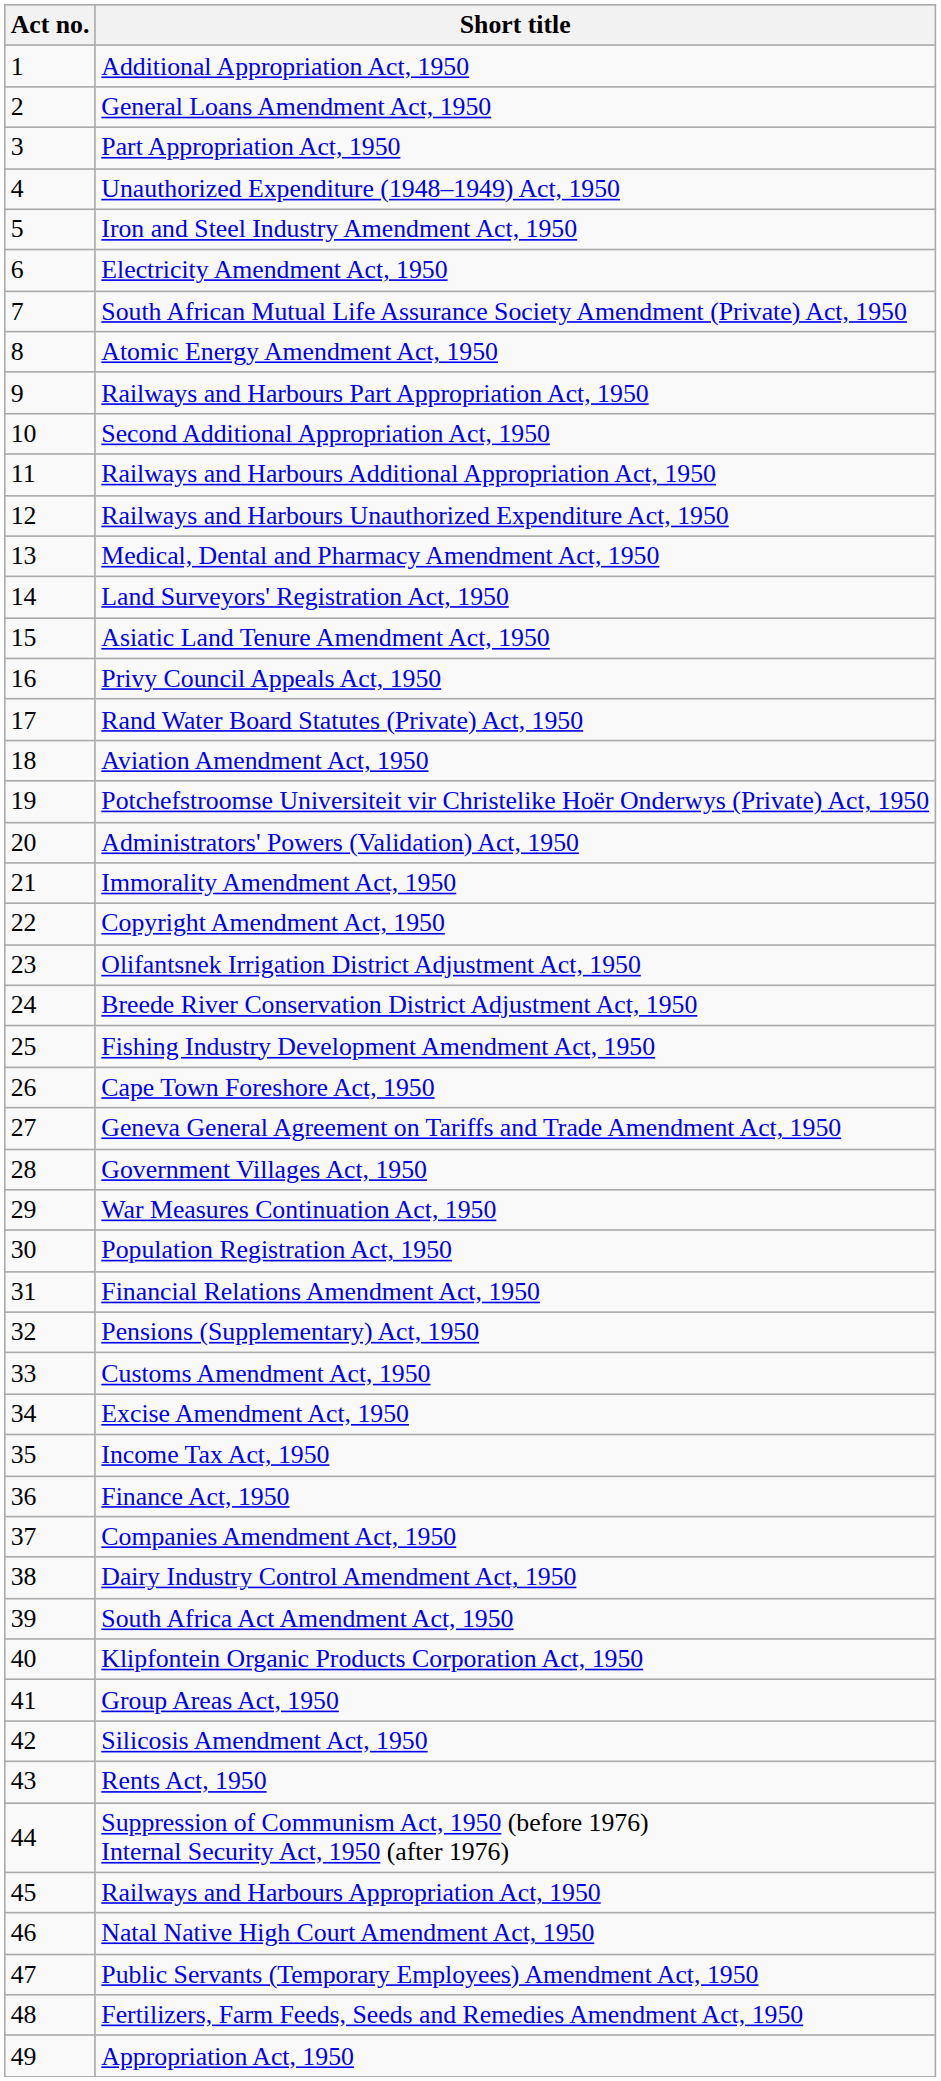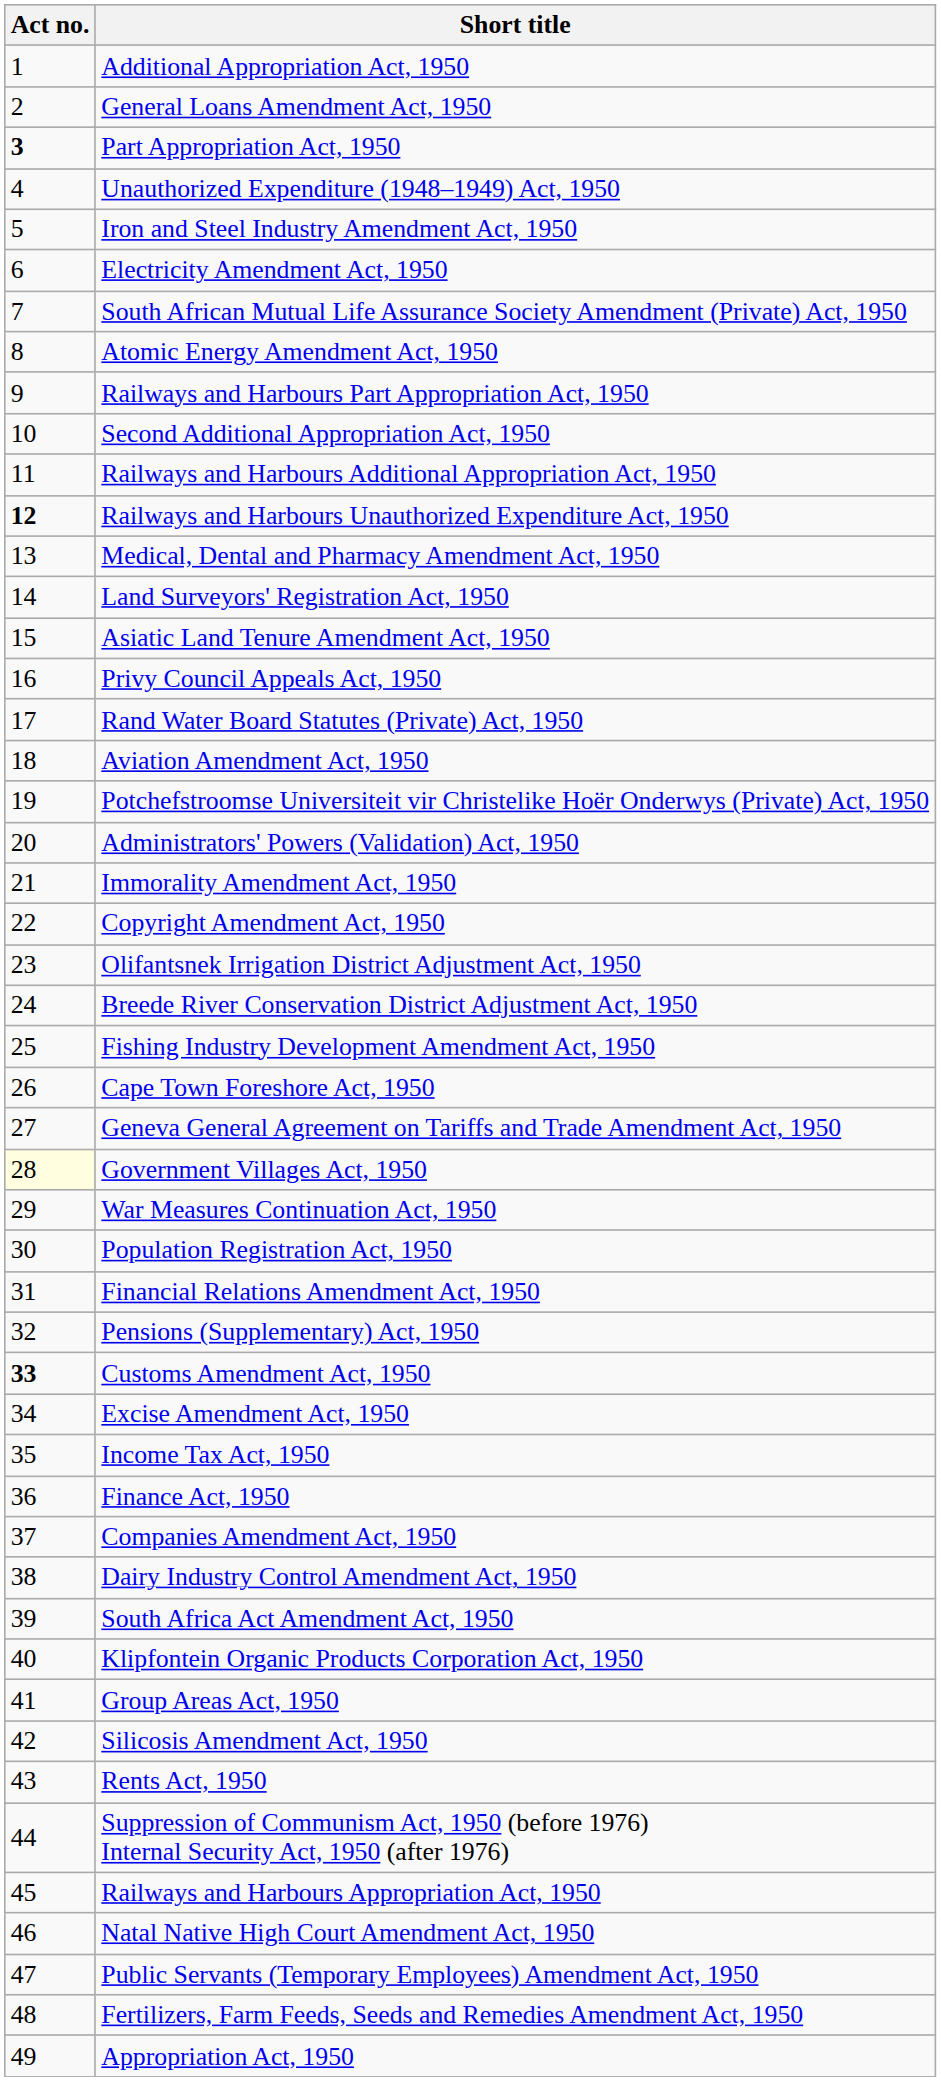 <table class="wikitable sortable">
 <tr>
 <th>Act no.</th>
 <th>Short title</th>
 </tr>
 <tr>
 <td>1</td>
 <td><a href='#'>Additional Appropriation Act, 1950</a></td>
 </tr>
 <tr>
 <td>2</td>
 <td><a href='#'>General Loans Amendment Act, 1950</a></td>
 </tr>
 <tr>
-<td>3</td>
+<td><strong>3</strong></td>
 <td><a href='#'>Part Appropriation Act, 1950</a></td>
 </tr>
 <tr>
 <td>4</td>
 <td><a href='#'>Unauthorized Expenditure (1948–1949) Act, 1950</a></td>
 </tr>
 <tr>
 <td>5</td>
 <td><a href='#'>Iron and Steel Industry Amendment Act, 1950</a></td>
 </tr>
 <tr>
 <td>6</td>
 <td><a href='#'>Electricity Amendment Act, 1950</a></td>
 </tr>
 <tr>
 <td>7</td>
 <td><a href='#'>South African Mutual Life Assurance Society Amendment (Private) Act, 1950</a></td>
 </tr>
 <tr>
 <td>8</td>
 <td><a href='#'>Atomic Energy Amendment Act, 1950</a></td>
 </tr>
 <tr>
 <td>9</td>
 <td><a href='#'>Railways and Harbours Part Appropriation Act, 1950</a></td>
 </tr>
 <tr>
 <td>10</td>
 <td><a href='#'>Second Additional Appropriation Act, 1950</a></td>
 </tr>
 <tr>
 <td>11</td>
 <td><a href='#'>Railways and Harbours Additional Appropriation Act, 1950</a></td>
 </tr>
 <tr>
-<td>12</td>
+<td><strong>12</strong></td>
 <td><a href='#'>Railways and Harbours Unauthorized Expenditure Act, 1950</a></td>
 </tr>
 <tr>
 <td>13</td>
 <td><a href='#'>Medical, Dental and Pharmacy Amendment Act, 1950</a></td>
 </tr>
 <tr>
 <td>14</td>
 <td><a href='#'>Land Surveyors' Registration Act, 1950</a></td>
 </tr>
 <tr>
 <td>15</td>
 <td><a href='#'>Asiatic Land Tenure Amendment Act, 1950</a></td>
 </tr>
 <tr>
 <td>16</td>
 <td><a href='#'>Privy Council Appeals Act, 1950</a></td>
 </tr>
 <tr>
 <td>17</td>
 <td><a href='#'>Rand Water Board Statutes (Private) Act, 1950</a></td>
 </tr>
 <tr>
 <td>18</td>
 <td><a href='#'>Aviation Amendment Act, 1950</a></td>
 </tr>
 <tr>
 <td>19</td>
 <td><a href='#'>Potchefstroomse Universiteit vir Christelike Hoër Onderwys (Private) Act, 1950</a></td>
 </tr>
 <tr>
 <td>20</td>
 <td><a href='#'>Administrators' Powers (Validation) Act, 1950</a></td>
 </tr>
 <tr>
 <td>21</td>
 <td><a href='#'>Immorality Amendment Act, 1950</a></td>
 </tr>
 <tr>
 <td>22</td>
 <td><a href='#'>Copyright Amendment Act, 1950</a></td>
 </tr>
 <tr>
 <td>23</td>
 <td><a href='#'>Olifantsnek Irrigation District Adjustment Act, 1950</a></td>
 </tr>
 <tr>
 <td>24</td>
 <td><a href='#'>Breede River Conservation District Adjustment Act, 1950</a></td>
 </tr>
 <tr>
 <td>25</td>
 <td><a href='#'>Fishing Industry Development Amendment Act, 1950</a></td>
 </tr>
 <tr>
 <td>26</td>
 <td><a href='#'>Cape Town Foreshore Act, 1950</a></td>
 </tr>
 <tr>
 <td>27</td>
 <td><a href='#'>Geneva General Agreement on Tariffs and Trade Amendment Act, 1950</a></td>
 </tr>
 <tr>
-<td>28</td>
+<td style="background: lightyellow;">28</td>
 <td><a href='#'>Government Villages Act, 1950</a></td>
 </tr>
 <tr>
 <td>29</td>
 <td><a href='#'>War Measures Continuation Act, 1950</a></td>
 </tr>
 <tr>
 <td>30</td>
 <td><a href='#'>Population Registration Act, 1950</a></td>
 </tr>
 <tr>
 <td>31</td>
 <td><a href='#'>Financial Relations Amendment Act, 1950</a></td>
 </tr>
 <tr>
 <td>32</td>
 <td><a href='#'>Pensions (Supplementary) Act, 1950</a></td>
 </tr>
 <tr>
-<td>33</td>
+<td><strong>33</strong></td>
 <td><a href='#'>Customs Amendment Act, 1950</a></td>
 </tr>
 <tr>
 <td>34</td>
 <td><a href='#'>Excise Amendment Act, 1950</a></td>
 </tr>
 <tr>
 <td>35</td>
 <td><a href='#'>Income Tax Act, 1950</a></td>
 </tr>
 <tr>
 <td>36</td>
 <td><a href='#'>Finance Act, 1950</a></td>
 </tr>
 <tr>
 <td>37</td>
 <td><a href='#'>Companies Amendment Act, 1950</a></td>
 </tr>
 <tr>
 <td>38</td>
 <td><a href='#'>Dairy Industry Control Amendment Act, 1950</a></td>
 </tr>
 <tr>
 <td>39</td>
 <td><a href='#'>South Africa Act Amendment Act, 1950</a></td>
 </tr>
 <tr>
 <td>40</td>
 <td><a href='#'>Klipfontein Organic Products Corporation Act, 1950</a></td>
 </tr>
 <tr>
 <td>41</td>
 <td><a href='#'>Group Areas Act, 1950</a></td>
 </tr>
 <tr>
 <td>42</td>
 <td><a href='#'>Silicosis Amendment Act, 1950</a></td>
 </tr>
 <tr>
 <td>43</td>
 <td><a href='#'>Rents Act, 1950</a></td>
 </tr>
 <tr>
 <td>44</td>
 <td><a href='#'>Suppression of Communism Act, 1950</a> (before 1976) <br><a href='#'>Internal Security Act, 1950</a> (after 1976)</td>
 </tr>
 <tr>
 <td>45</td>
 <td><a href='#'>Railways and Harbours Appropriation Act, 1950</a></td>
 </tr>
 <tr>
 <td>46</td>
 <td><a href='#'>Natal Native High Court Amendment Act, 1950</a></td>
 </tr>
 <tr>
 <td>47</td>
 <td><a href='#'>Public Servants (Temporary Employees) Amendment Act, 1950</a></td>
 </tr>
 <tr>
 <td>48</td>
 <td><a href='#'>Fertilizers, Farm Feeds, Seeds and Remedies Amendment Act, 1950</a></td>
 </tr>
 <tr>
 <td>49</td>
 <td><a href='#'>Appropriation Act, 1950</a></td>
 </tr>
 </table>
